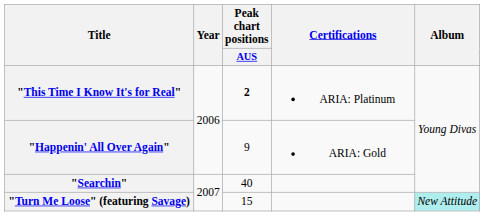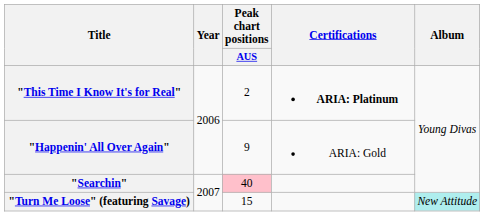 <table class="wikitable plainrowheaders" style="text-align:center;" border="1">
 <tr>
 <th scope="col" rowspan="2" style="width:16em;">Title</th>
 <th scope="col" rowspan="2">Year</th>
 <th scope="col" colspan="1">Peak chart positions</th>
 <th scope="col" rowspan="2" style="width:12em;"><a href='#'>Certifications</a></th>
 <th scope="col" rowspan="2">Album</th>
 </tr>
 <tr>
 <th scope="col" style="width:3em;font-size:90%;"><a href='#'>AUS</a><br></th>
 </tr>
 <tr>
 <th scope="row">"<a href='#'>This Time I Know It's for Real</a>"</th>
 <td rowspan="2">2006</td>
-<td><strong>2</strong></td>
-<td><br><ul><li>ARIA: Platinum</li></ul></td>
+<td>2</td>
+<td><strong><br><ul><li>ARIA: Platinum</li></ul></strong></td>
 <td rowspan="3"><em>Young Divas</em></td>
 </tr>
 <tr>
 <th scope="row">"<a href='#'>Happenin' All Over Again</a>"</th>
 <td>9</td>
 <td><br><ul><li>ARIA: Gold</li></ul></td>
 </tr>
 <tr>
 <th scope="row">"<a href='#'>Searchin</a>"</th>
 <td rowspan="2">2007</td>
-<td>40</td>
+<td style="background: pink;">40</td>
 <td></td>
 </tr>
 <tr>
 <th scope="row">"<a href='#'>Turn Me Loose</a>" <span>(featuring <a href='#'>Savage</a>)</span></th>
 <td>15</td>
 <td></td>
 <td style="background: paleturquoise;"><em>New Attitude</em></td>
 </tr>
 </table>
